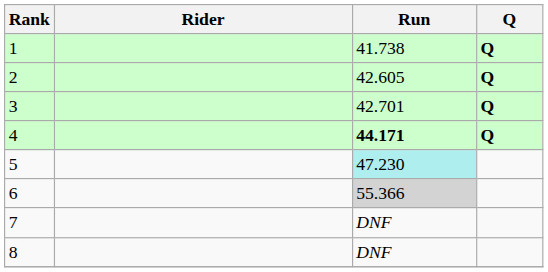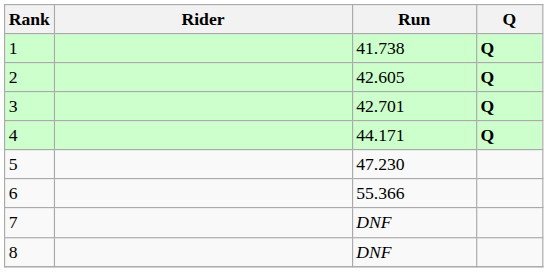 <table class="wikitable" style="font-size:95%" style="text-align:center">
 <tr>
 <th>Rank</th>
 <th width=250>Rider</th>
 <th width=100>Run</th>
 <th width=50>Q</th>
 </tr>
 <tr bgcolor=ccffcc>
 <td>1</td>
 <td align=left></td>
 <td>41.738</td>
 <td><strong>Q</strong></td>
 </tr>
 <tr bgcolor=ccffcc>
 <td>2</td>
 <td align=left></td>
 <td>42.605</td>
 <td><strong>Q</strong></td>
 </tr>
 <tr bgcolor=ccffcc>
 <td>3</td>
 <td align=left></td>
 <td>42.701</td>
 <td><strong>Q</strong></td>
 </tr>
 <tr bgcolor=ccffcc>
 <td>4</td>
 <td align=left></td>
-<td><strong>44.171</strong></td>
+<td>44.171</td>
 <td><strong>Q</strong></td>
 </tr>
 <tr>
 <td>5</td>
 <td align=left></td>
-<td style="background: paleturquoise;">47.230</td>
+<td>47.230</td>
 <td></td>
 </tr>
 <tr>
 <td>6</td>
 <td align=left></td>
-<td style="background: lightgrey;">55.366</td>
+<td>55.366</td>
 <td></td>
 </tr>
 <tr>
 <td>7</td>
 <td align=left></td>
 <td><em>DNF</em></td>
 <td></td>
 </tr>
 <tr>
 <td>8</td>
 <td align=left></td>
 <td><em>DNF</em></td>
 <td></td>
 </tr>
 <tr>
 </tr>
 </table>
